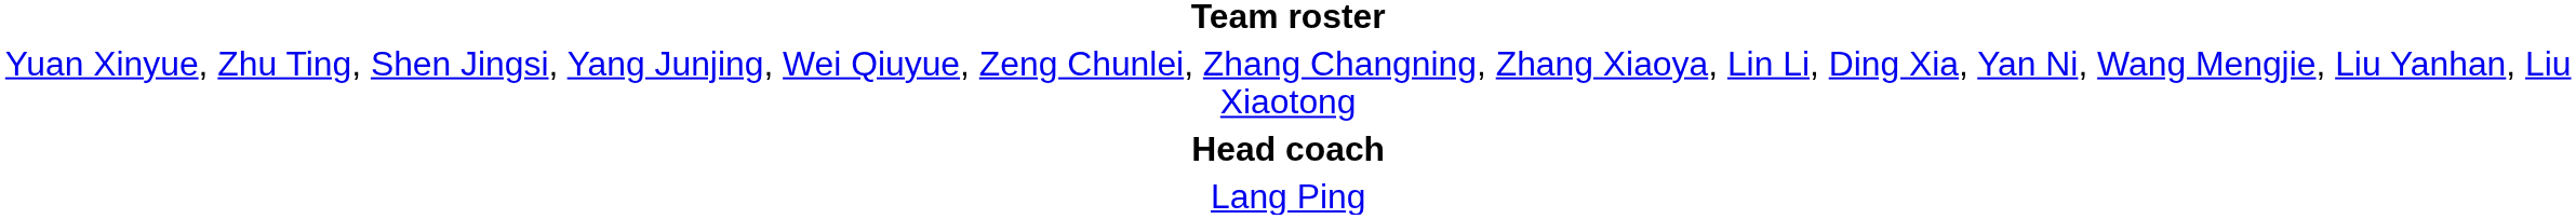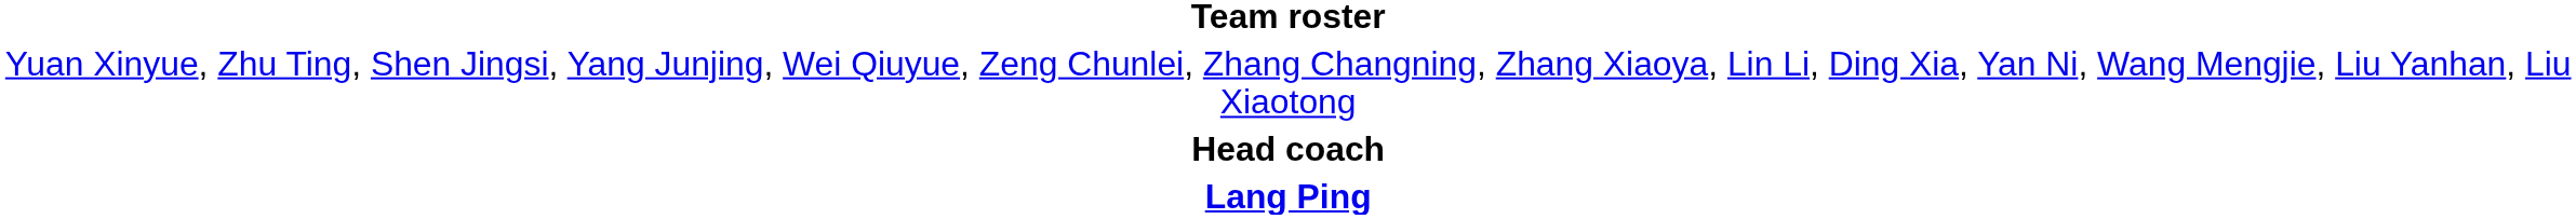 <table style="text-align: center; margin-top: 2em; margin-left: auto; margin-right: auto">
 <tr>
 <td><strong>Team roster</strong></td>
 </tr>
 <tr>
 <td><a href='#'>Yuan Xinyue</a>, <a href='#'>Zhu Ting</a>, <a href='#'>Shen Jingsi</a>, <a href='#'>Yang Junjing</a>, <a href='#'>Wei Qiuyue</a>, <a href='#'>Zeng Chunlei</a>, <a href='#'>Zhang Changning</a>, <a href='#'>Zhang Xiaoya</a>, <a href='#'>Lin Li</a>, <a href='#'>Ding Xia</a>, <a href='#'>Yan Ni</a>, <a href='#'>Wang Mengjie</a>, <a href='#'>Liu Yanhan</a>, <a href='#'>Liu Xiaotong</a></td>
 </tr>
 <tr>
 <td><strong>Head coach</strong></td>
 </tr>
 <tr>
-<td><a href='#'>Lang Ping</a></td>
+<td><strong><a href='#'>Lang Ping</a></strong></td>
 </tr>
 <tr>
 </tr>
 </table>
